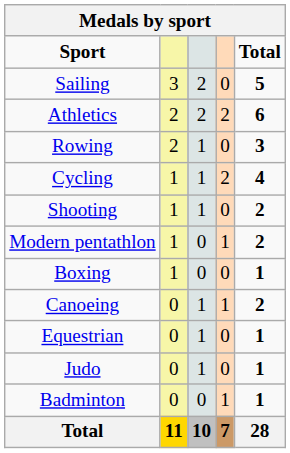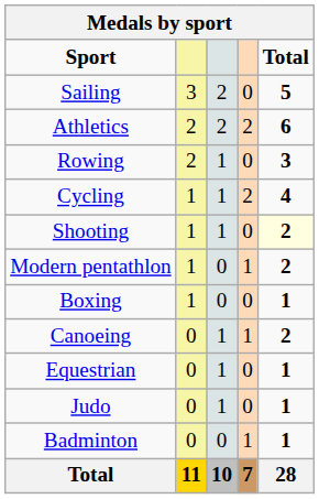 <table class="wikitable" style="font-size:85%; text-align:center;">
 <tr style="background:#efefef;">
 <th colspan=5><strong>Medals by sport</strong></th>
 </tr>
 <tr>
 <td><strong>Sport</strong></td>
 <td style="background:#f7f6a8;"></td>
 <td style="background:#dce5e5;"></td>
 <td style="background:#ffdab9;"></td>
 <td><strong>Total</strong></td>
 </tr>
 <tr>
 <td><a href='#'>Sailing</a></td>
 <td style="background:#F7F6A8;">3</td>
 <td style="background:#DCE5E5;">2</td>
 <td style="background:#FFDAB9;">0</td>
 <td><strong>5</strong></td>
 </tr>
 <tr>
 <td><a href='#'>Athletics</a></td>
 <td style="background:#F7F6A8;">2</td>
 <td style="background:#DCE5E5;">2</td>
 <td style="background:#FFDAB9;">2</td>
 <td><strong>6</strong></td>
 </tr>
 <tr>
 <td><a href='#'>Rowing</a></td>
 <td style="background:#F7F6A8;">2</td>
 <td style="background:#DCE5E5;">1</td>
 <td style="background:#FFDAB9;">0</td>
 <td><strong>3</strong></td>
 </tr>
 <tr>
 <td><a href='#'>Cycling</a></td>
 <td style="background:#F7F6A8;">1</td>
 <td style="background:#DCE5E5;">1</td>
 <td style="background:#FFDAB9;">2</td>
 <td><strong>4</strong></td>
 </tr>
 <tr>
 <td><a href='#'>Shooting</a></td>
 <td style="background:#F7F6A8;">1</td>
 <td style="background:#DCE5E5;">1</td>
 <td style="background:#FFDAB9;">0</td>
-<td><strong>2</strong></td>
+<td style="background: lightyellow;"><strong>2</strong></td>
 </tr>
 <tr>
 <td><a href='#'>Modern pentathlon</a></td>
 <td style="background:#F7F6A8;">1</td>
 <td style="background:#DCE5E5;">0</td>
 <td style="background:#FFDAB9;">1</td>
 <td><strong>2</strong></td>
 </tr>
 <tr>
 <td><a href='#'>Boxing</a></td>
 <td style="background:#F7F6A8;">1</td>
 <td style="background:#DCE5E5;">0</td>
 <td style="background:#FFDAB9;">0</td>
 <td><strong>1</strong></td>
 </tr>
 <tr>
 <td><a href='#'>Canoeing</a></td>
 <td style="background:#F7F6A8;">0</td>
 <td style="background:#DCE5E5;">1</td>
 <td style="background:#FFDAB9;">1</td>
 <td><strong>2</strong></td>
 </tr>
 <tr>
 <td><a href='#'>Equestrian</a></td>
 <td style="background:#F7F6A8;">0</td>
 <td style="background:#DCE5E5;">1</td>
 <td style="background:#FFDAB9;">0</td>
 <td><strong>1</strong></td>
 </tr>
 <tr>
 <td><a href='#'>Judo</a></td>
 <td style="background:#F7F6A8;">0</td>
 <td style="background:#DCE5E5;">1</td>
 <td style="background:#FFDAB9;">0</td>
 <td><strong>1</strong></td>
 </tr>
 <tr>
 <td><a href='#'>Badminton</a></td>
 <td style="background:#F7F6A8;">0</td>
 <td style="background:#DCE5E5;">0</td>
 <td style="background:#FFDAB9;">1</td>
 <td><strong>1</strong></td>
 </tr>
 <tr>
 <th><strong>Total</strong></th>
 <th style="background:gold;"><strong>11</strong></th>
 <th style="background:silver;"><strong>10</strong></th>
 <th style="background:#c96;"><strong>7</strong></th>
 <th><strong>28</strong></th>
 </tr>
 </table>
